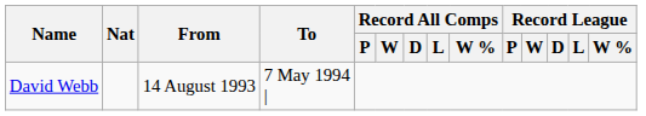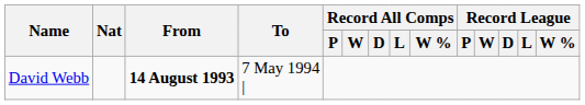 <table class="wikitable" style="text-align: center">
 <tr>
 <th rowspan="2">Name</th>
 <th rowspan="2">Nat</th>
 <th rowspan="2">From</th>
 <th rowspan="2">To</th>
 <th colspan="5">Record All Comps</th>
 <th colspan="5">Record League</th>
 </tr>
 <tr>
 <th>P</th>
 <th>W</th>
 <th>D</th>
 <th>L</th>
 <th>W %</th>
 <th>P</th>
 <th>W</th>
 <th>D</th>
 <th>L</th>
 <th>W %</th>
 </tr>
 <tr>
 <td align=left><a href='#'>David Webb</a></td>
 <td></td>
-<td align=left>14 August 1993</td>
+<td align=left><strong>14 August 1993</strong></td>
 <td align=left>7 May 1994<br>|</td>
 </tr>
 </table>
